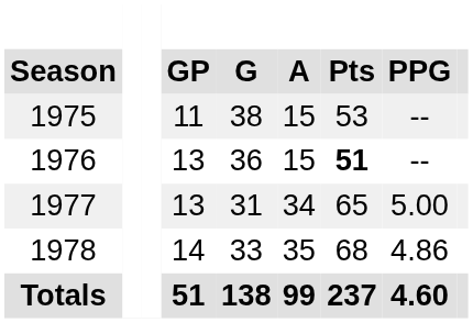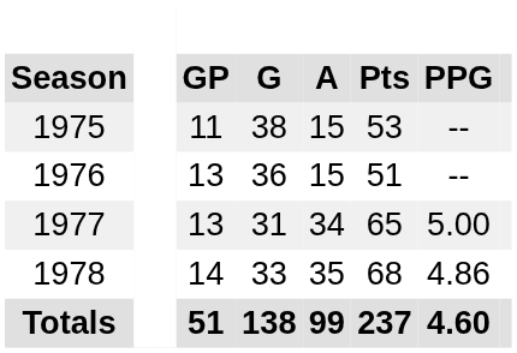 <table BORDER="0" CELLPADDING="3" CELLSPACING="0">
 <tr ALIGN="center" bgcolor="#e0e0e0">
 <th colspan="1" bgcolor="#ffffff"> </th>
 <th rowspan="99" bgcolor="#ffffff"> </th>
 <th rowspan="99" bgcolor="#ffffff"> </th>
 </tr>
 <tr ALIGN="center" bgcolor="#e0e0e0">
 <th>Season</th>
 <th>GP</th>
 <th>G</th>
 <th>A</th>
 <th>Pts</th>
 <th>PPG</th>
 <th></th>
 </tr>
 <tr ALIGN="center" bgcolor="#f0f0f0">
 <td>1975</td>
 <td>11</td>
 <td>38</td>
 <td>15</td>
 <td>53</td>
 <td>--</td>
 <td></td>
 </tr>
 <tr ALIGN="center">
 <td>1976</td>
 <td>13</td>
 <td>36</td>
 <td>15</td>
-<td><strong>51</strong></td>
+<td>51</td>
 <td>--</td>
 <td></td>
 </tr>
 <tr ALIGN="center" bgcolor="#f0f0f0">
 <td>1977</td>
 <td>13</td>
 <td>31</td>
 <td>34</td>
 <td>65</td>
 <td>5.00</td>
 <td></td>
 </tr>
 <tr ALIGN="center">
 <td>1978</td>
 <td>14</td>
 <td>33</td>
 <td>35</td>
 <td>68</td>
 <td>4.86</td>
 <td></td>
 </tr>
 <tr ALIGN="center" bgcolor="#e0e0e0">
 <th colspan="1.5">Totals</th>
 <th>51</th>
 <th>138</th>
 <th>99</th>
 <th>237</th>
 <th>4.60</th>
 <th></th>
 </tr>
 </table>
